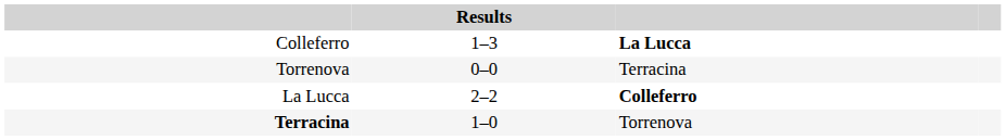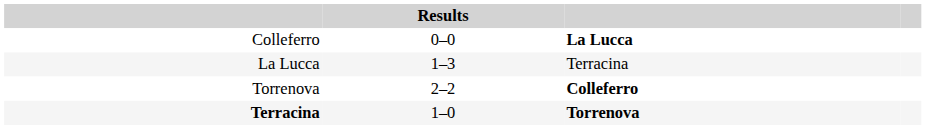 <table align=center style="font-size: 85%; border-collapse:collapse" border=0 cellspacing=0 cellpadding=2 width=60%>
 <tr bgcolor="D3D3D3">
 <th align=right></th>
 <th align=center>Results</th>
 <th align=left></th>
 <th align=center></th>
 </tr>
 <tr bgcolor=#FFFFFF>
 <td align=right>Colleferro</td>
-<td align=center>1–3</td>
+<td align=center>0–0</td>
 <td><strong>La Lucca</strong></td>
 <td align=center></td>
 </tr>
 <tr bgcolor=#F5F5F5>
-<td align=right>Torrenova</td>
-<td align=center>0–0</td>
+<td align=right>La Lucca</td>
+<td align=center>1–3</td>
 <td>Terracina</td>
 <td align=center></td>
 </tr>
 <tr bgcolor=#FFFFFF>
-<td align=right>La Lucca</td>
+<td align=right>Torrenova</td>
 <td align=center>2–2</td>
 <td><strong>Colleferro</strong></td>
 <td align=center></td>
 </tr>
 <tr bgcolor=#F5F5F5>
 <td align=right><strong>Terracina</strong></td>
 <td align=center>1–0</td>
-<td>Torrenova</td>
+<td><strong>Torrenova</strong></td>
 <td align=center></td>
 </tr>
 </table>
